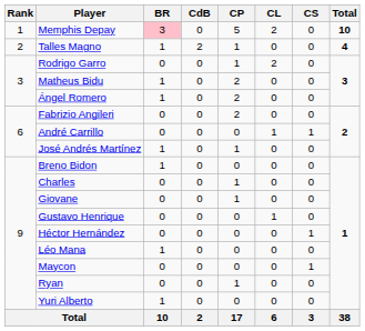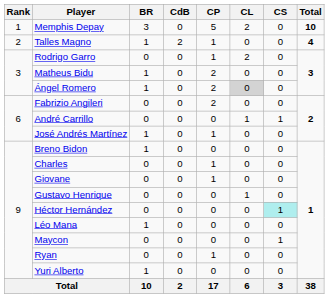 <table class="wikitable" style="text-align:center;">
 <tr>
 <th>Rank</th>
 <th>Player</th>
 <th width=10.5%><abbr>BR</abbr></th>
 <th width=10.5%><abbr>CdB</abbr></th>
 <th width=10.5%><abbr>CP</abbr></th>
 <th width=10.5%><abbr>CL</abbr></th>
 <th width=10.5%><abbr>CS</abbr></th>
 <th>Total</th>
 </tr>
 <tr>
 <td>1</td>
 <td align=left> <a href='#'>Memphis Depay</a></td>
-<td style="background: pink;">3</td>
+<td>3</td>
 <td>0</td>
 <td>5</td>
 <td>2</td>
 <td>0</td>
 <td><strong>10</strong></td>
 </tr>
 <tr>
 <td>2</td>
 <td align=left> <a href='#'>Talles Magno</a></td>
 <td>1</td>
 <td>2</td>
 <td>1</td>
 <td>0</td>
 <td>0</td>
 <td><strong>4</strong></td>
 </tr>
 <tr>
 <td rowspan=3>3</td>
 <td align=left> <a href='#'>Rodrigo Garro</a></td>
 <td>0</td>
 <td>0</td>
 <td>1</td>
 <td>2</td>
 <td>0</td>
 <td rowspan=3><strong>3</strong></td>
 </tr>
 <tr>
 <td align=left> <a href='#'>Matheus Bidu</a></td>
 <td>1</td>
 <td>0</td>
 <td>2</td>
 <td>0</td>
 <td>0</td>
 </tr>
 <tr>
 <td align=left> <a href='#'>Ángel Romero</a></td>
 <td>1</td>
 <td>0</td>
 <td>2</td>
-<td>0</td>
+<td style="background: lightgrey;">0</td>
 <td>0</td>
 </tr>
 <tr>
 <td rowspan=3>6</td>
 <td align=left> <a href='#'>Fabrizio Angileri</a></td>
 <td>0</td>
 <td>0</td>
 <td>2</td>
 <td>0</td>
 <td>0</td>
 <td rowspan=3><strong>2</strong></td>
 </tr>
 <tr>
 <td align=left> <a href='#'>André Carrillo</a></td>
 <td>0</td>
 <td>0</td>
 <td>0</td>
 <td>1</td>
 <td>1</td>
 </tr>
 <tr>
 <td align=left> <a href='#'>José Andrés Martínez</a></td>
 <td>1</td>
 <td>0</td>
 <td>1</td>
 <td>0</td>
 <td>0</td>
 </tr>
 <tr>
 <td rowspan=9>9</td>
 <td align=left> <a href='#'>Breno Bidon</a></td>
 <td>1</td>
 <td>0</td>
 <td>0</td>
 <td>0</td>
 <td>0</td>
 <td rowspan=9><strong>1</strong></td>
 </tr>
 <tr>
 <td align=left> <a href='#'>Charles</a></td>
 <td>0</td>
 <td>0</td>
 <td>1</td>
 <td>0</td>
 <td>0</td>
 </tr>
 <tr>
 <td align=left> <a href='#'>Giovane</a></td>
 <td>0</td>
 <td>0</td>
 <td>1</td>
 <td>0</td>
 <td>0</td>
 </tr>
 <tr>
 <td align=left> <a href='#'>Gustavo Henrique</a></td>
 <td>0</td>
 <td>0</td>
 <td>0</td>
 <td>1</td>
 <td>0</td>
 </tr>
 <tr>
 <td align=left> <a href='#'>Héctor Hernández</a></td>
 <td>0</td>
 <td>0</td>
 <td>0</td>
 <td>0</td>
-<td>1</td>
+<td style="background: paleturquoise;">1</td>
 </tr>
 <tr>
 <td align=left> <a href='#'>Léo Mana</a></td>
 <td>1</td>
 <td>0</td>
 <td>0</td>
 <td>0</td>
 <td>0</td>
 </tr>
 <tr>
 <td align=left> <a href='#'>Maycon</a></td>
 <td>0</td>
 <td>0</td>
 <td>0</td>
 <td>0</td>
 <td>1</td>
 </tr>
 <tr>
 <td align=left> <a href='#'>Ryan</a></td>
 <td>0</td>
 <td>0</td>
 <td>1</td>
 <td>0</td>
 <td>0</td>
 </tr>
 <tr>
 <td align=left> <a href='#'>Yuri Alberto</a></td>
 <td>1</td>
 <td>0</td>
 <td>0</td>
 <td>0</td>
 <td>0</td>
 </tr>
 <tr>
 <th colspan=2>Total</th>
 <th>10</th>
 <th>2</th>
 <th>17</th>
 <th>6</th>
 <th>3</th>
 <th>38</th>
 </tr>
 </table>
